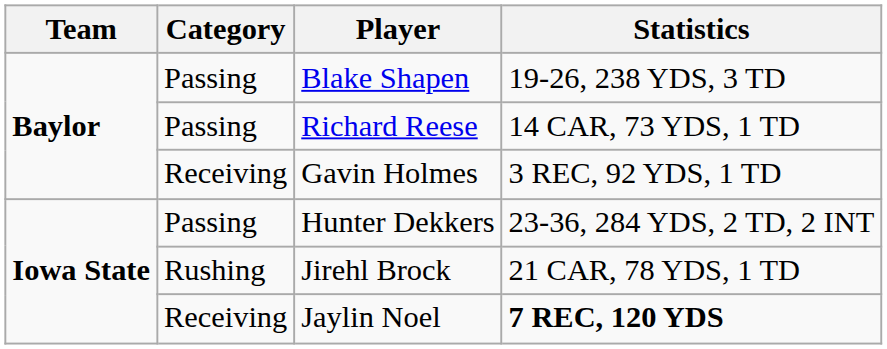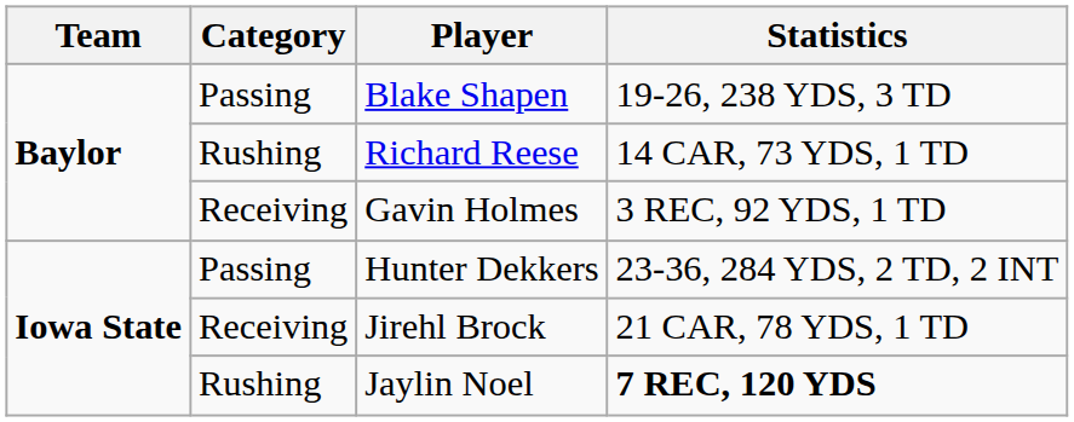 <table class="wikitable" style="float: right;">
 <tr>
 <th>Team</th>
 <th>Category</th>
 <th>Player</th>
 <th>Statistics</th>
 </tr>
 <tr>
 <td rowspan=3><strong>Baylor</strong></td>
 <td>Passing</td>
 <td><a href='#'>Blake Shapen</a></td>
 <td>19-26, 238 YDS, 3 TD</td>
 </tr>
 <tr>
-<td>Passing</td>
+<td>Rushing</td>
 <td><a href='#'>Richard Reese</a></td>
 <td>14 CAR, 73 YDS, 1 TD</td>
 </tr>
 <tr>
 <td>Receiving</td>
 <td>Gavin Holmes</td>
 <td>3 REC, 92 YDS, 1 TD</td>
 </tr>
 <tr>
 <td rowspan=3><strong>Iowa State</strong></td>
 <td>Passing</td>
 <td>Hunter Dekkers</td>
 <td>23-36, 284 YDS, 2 TD, 2 INT</td>
 </tr>
 <tr>
-<td>Rushing</td>
+<td>Receiving</td>
 <td>Jirehl Brock</td>
 <td>21 CAR, 78 YDS, 1 TD</td>
 </tr>
 <tr>
-<td>Receiving</td>
+<td>Rushing</td>
 <td>Jaylin Noel</td>
 <td><strong>7 REC, 120 YDS</strong></td>
 </tr>
 </table>
